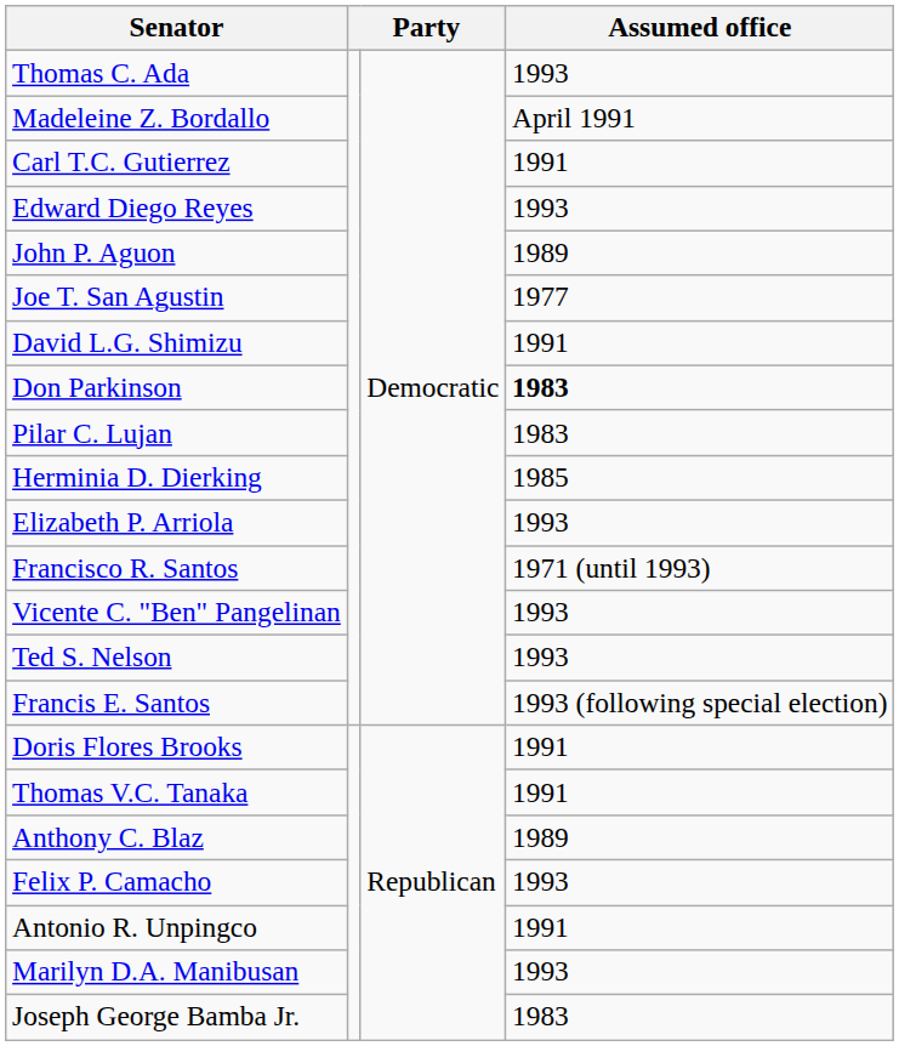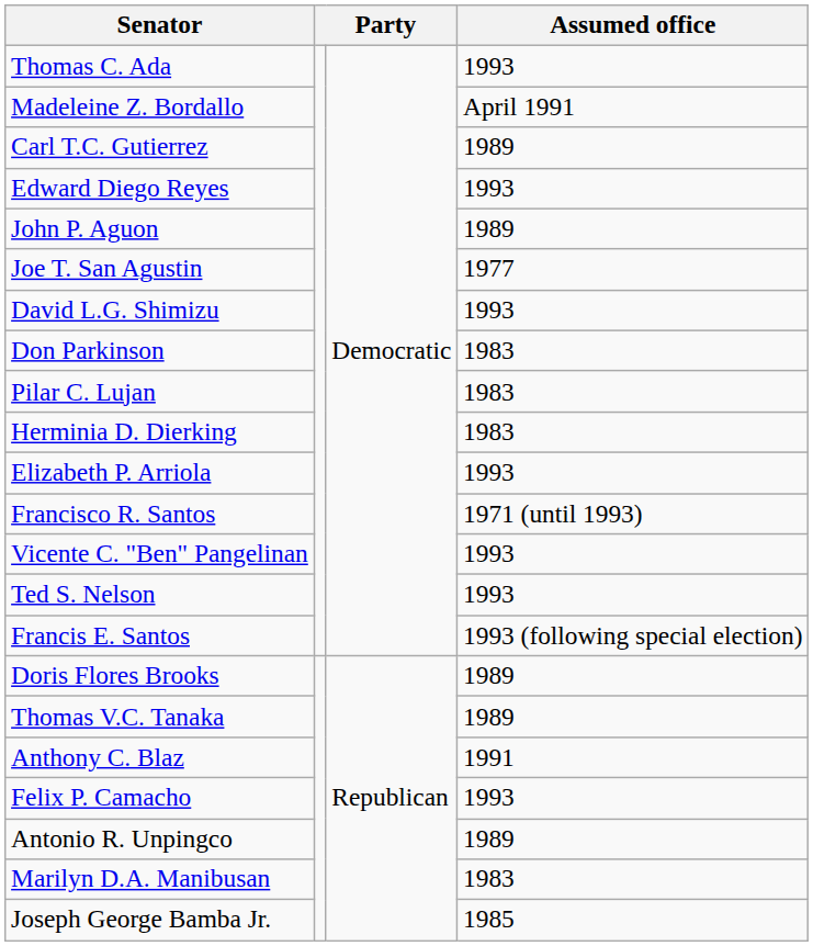 <table class="wikitable sortable" id="votingmembers">
 <tr style="vertical-align:bottom;">
 <th>Senator</th>
 <th colspan=2>Party</th>
 <th>Assumed office</th>
 </tr>
 <tr>
 <td><a href='#'>Thomas C. Ada</a></td>
 <td rowspan="15" style="background-color:"></td>
 <td rowspan="15">Democratic</td>
 <td>1993</td>
 </tr>
 <tr>
 <td><a href='#'>Madeleine Z. Bordallo</a></td>
 <td>April 1991</td>
 </tr>
 <tr>
 <td><a href='#'>Carl T.C. Gutierrez</a></td>
-<td>1991</td>
+<td>1989</td>
 </tr>
 <tr>
 <td><a href='#'>Edward Diego Reyes</a></td>
 <td>1993</td>
 </tr>
 <tr>
 <td><a href='#'>John P. Aguon</a></td>
 <td>1989</td>
 </tr>
 <tr>
 <td><a href='#'>Joe T. San Agustin</a></td>
 <td>1977</td>
 </tr>
 <tr>
 <td><a href='#'>David L.G. Shimizu</a></td>
-<td>1991</td>
+<td>1993</td>
 </tr>
 <tr>
 <td><a href='#'>Don Parkinson</a></td>
-<td><strong>1983</strong></td>
+<td>1983</td>
 </tr>
 <tr>
 <td><a href='#'>Pilar C. Lujan</a></td>
 <td>1983</td>
 </tr>
 <tr>
 <td><a href='#'>Herminia D. Dierking</a></td>
-<td>1985</td>
+<td>1983</td>
 </tr>
 <tr>
 <td><a href='#'>Elizabeth P. Arriola</a></td>
 <td>1993</td>
 </tr>
 <tr>
 <td><a href='#'>Francisco R. Santos</a></td>
 <td>1971 (until 1993)</td>
 </tr>
 <tr>
 <td><a href='#'>Vicente C. "Ben" Pangelinan</a></td>
 <td>1993</td>
 </tr>
 <tr>
 <td><a href='#'>Ted S. Nelson</a></td>
 <td>1993</td>
 </tr>
 <tr>
 <td><a href='#'>Francis E. Santos</a></td>
 <td>1993 (following special election)</td>
 </tr>
 <tr>
 <td><a href='#'>Doris Flores Brooks</a></td>
 <td rowspan="7" style="background-color:"></td>
 <td rowspan="7">Republican</td>
-<td>1991</td>
+<td>1989</td>
 </tr>
 <tr>
 <td><a href='#'>Thomas V.C. Tanaka</a></td>
-<td>1991</td>
+<td>1989</td>
 </tr>
 <tr>
 <td><a href='#'>Anthony C. Blaz</a></td>
-<td>1989</td>
+<td>1991</td>
 </tr>
 <tr>
 <td><a href='#'>Felix P. Camacho</a></td>
 <td>1993</td>
 </tr>
 <tr>
 <td>Antonio R. Unpingco</td>
-<td>1991</td>
+<td>1989</td>
 </tr>
 <tr>
 <td><a href='#'>Marilyn D.A. Manibusan</a></td>
-<td>1993</td>
+<td>1983</td>
 </tr>
 <tr>
 <td>Joseph George Bamba Jr.</td>
-<td>1983</td>
+<td>1985</td>
 </tr>
 </table>
